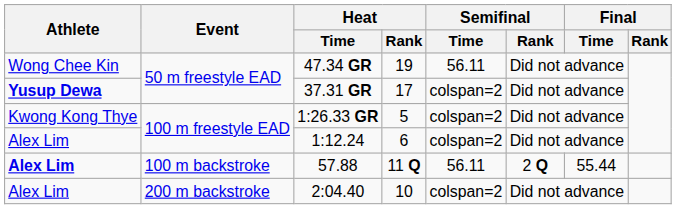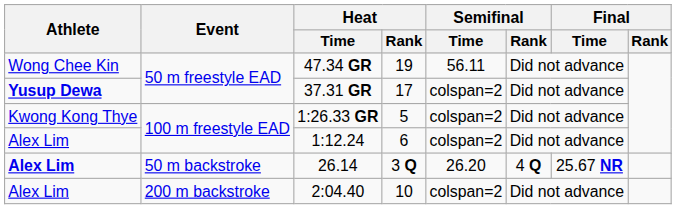 <table class=wikitable style=font-size:90%>
 <tr>
 <th rowspan=2>Athlete</th>
 <th rowspan=2>Event</th>
 <th colspan=2>Heat</th>
 <th colspan=2>Semifinal</th>
 <th colspan=2>Final</th>
 </tr>
 <tr style=font-size:95%>
 <th>Time</th>
 <th>Rank</th>
 <th>Time</th>
 <th>Rank</th>
 <th>Time</th>
 <th>Rank</th>
 </tr>
 <tr align=center>
 <td align=left><a href='#'>Wong Chee Kin</a></td>
 <td align=left rowspan=2><a href='#'>50 m freestyle EAD</a></td>
 <td>47.34 <strong>GR</strong></td>
 <td>19</td>
 <td>56.11</td>
 <td colspan=2>Did not advance</td>
 </tr>
 <tr align=center>
 <td align=left><strong><a href='#'>Yusup Dewa</a></strong></td>
 <td>37.31 <strong>GR</strong></td>
 <td>17</td>
 <td>colspan=2 </td>
 <td colspan=2>Did not advance</td>
 </tr>
 <tr align=center>
 <td align=left><a href='#'>Kwong Kong Thye</a></td>
 <td align=left rowspan=2><a href='#'>100 m freestyle EAD</a></td>
 <td>1:26.33 <strong>GR</strong></td>
 <td>5</td>
 <td>colspan=2 </td>
 <td colspan=2>Did not advance</td>
 </tr>
 <tr align=center>
 <td align=left><a href='#'>Alex Lim</a></td>
 <td>1:12.24</td>
 <td>6</td>
 <td>colspan=2 </td>
 <td colspan=2>Did not advance</td>
 </tr>
 <tr align=center>
 <td align=left><strong><a href='#'>Alex Lim</a></strong></td>
-<td align=left><a href='#'>100 m backstroke</a></td>
-<td>57.88</td>
-<td>11 <strong>Q</strong></td>
-<td>56.11</td>
-<td>2 <strong>Q</strong></td>
-<td>55.44</td>
+<td align=left><a href='#'>50 m backstroke</a></td>
+<td>26.14</td>
+<td>3 <strong>Q</strong></td>
+<td>26.20</td>
+<td>4 <strong>Q</strong></td>
+<td>25.67 <strong><a href='#'>NR</a></strong></td>
 <td></td>
 </tr>
 <tr align=center>
 <td align=left><a href='#'>Alex Lim</a></td>
 <td align=left><a href='#'>200 m backstroke</a></td>
 <td>2:04.40</td>
 <td>10</td>
 <td>colspan=2 </td>
 <td colspan=2>Did not advance</td>
 </tr>
 </table>
